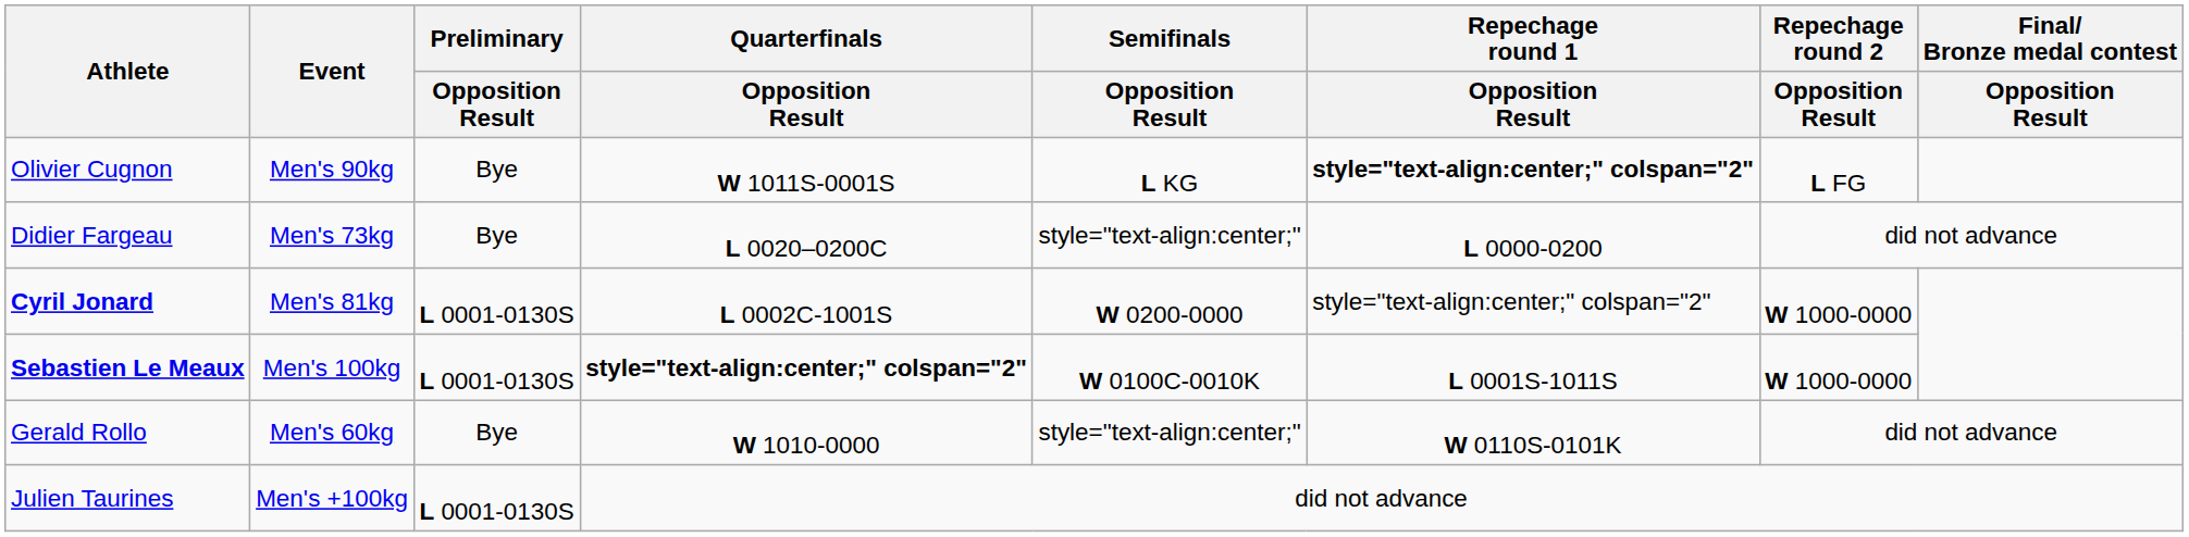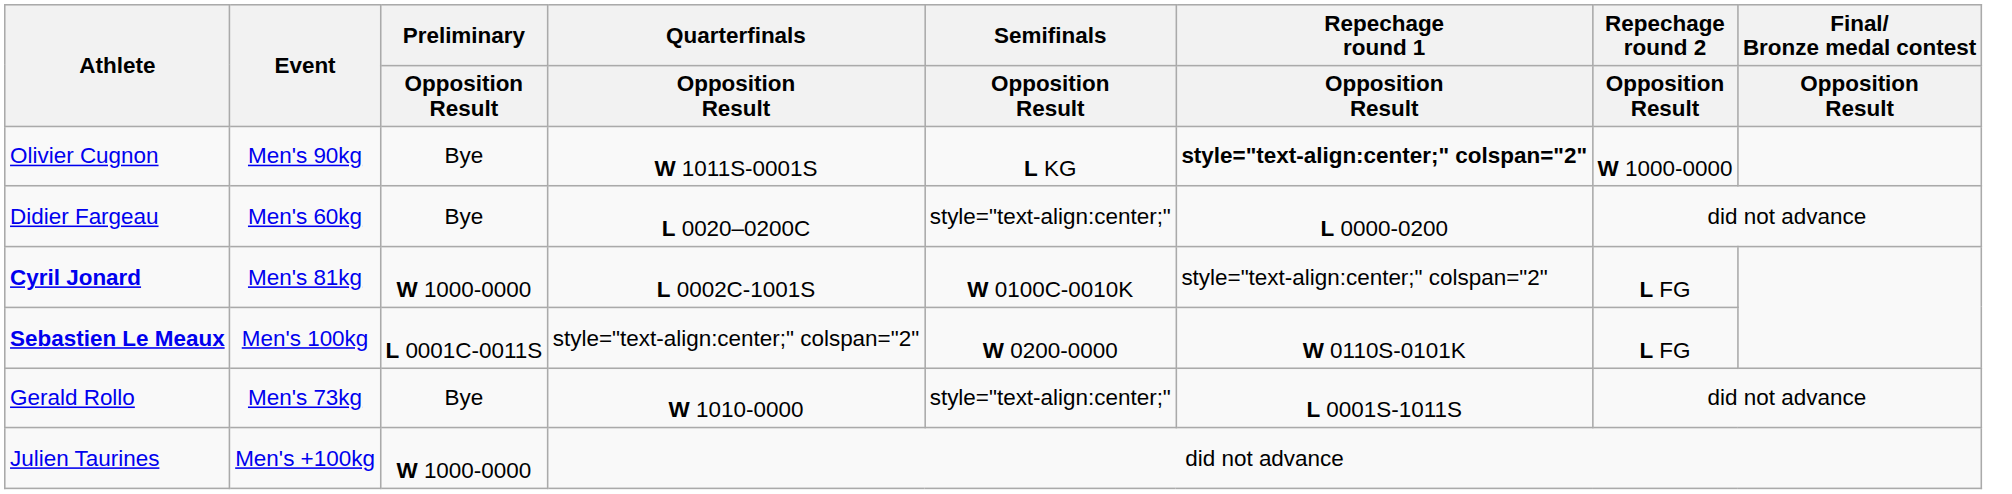 <table class=wikitable style="font-size:90%">
 <tr>
 <th rowspan="2">Athlete</th>
 <th rowspan="2">Event</th>
 <th>Preliminary</th>
 <th>Quarterfinals</th>
 <th>Semifinals</th>
 <th>Repechage <br>round 1</th>
 <th>Repechage <br>round 2</th>
 <th>Final/<br>Bronze medal contest</th>
 </tr>
 <tr>
 <th>Opposition<br>Result</th>
 <th>Opposition<br>Result</th>
 <th>Opposition<br>Result</th>
 <th>Opposition<br>Result</th>
 <th>Opposition<br>Result</th>
 <th>Opposition<br>Result</th>
 </tr>
 <tr>
 <td><a href='#'>Olivier Cugnon</a></td>
 <td style="text-align:center;"><a href='#'>Men's 90kg</a></td>
 <td style="text-align:center;">Bye</td>
 <td style="text-align:center;"><br> <strong>W</strong> 1011S-0001S</td>
 <td style="text-align:center;"><br> <strong>L</strong> KG</td>
 <td><strong>style="text-align:center;" colspan="2" </strong></td>
-<td style="text-align:center;"><br> <strong>L</strong> FG</td>
+<td style="text-align:center;"><br> <strong>W</strong> 1000-0000 </td>
 </tr>
 <tr>
 <td><a href='#'>Didier Fargeau</a></td>
-<td style="text-align:center;"><a href='#'>Men's 73kg</a></td>
+<td style="text-align:center;"><a href='#'>Men's 60kg</a></td>
 <td style="text-align:center;">Bye</td>
 <td style="text-align:center;"><br> <strong>L</strong> 0020–0200C</td>
 <td>style="text-align:center;" </td>
 <td style="text-align:center;"><br> <strong>L</strong> 0000-0200</td>
 <td style="text-align:center;" colspan="2">did not advance</td>
 </tr>
 <tr>
 <td><strong><a href='#'>Cyril Jonard</a></strong></td>
 <td style="text-align:center;"><a href='#'>Men's 81kg</a></td>
-<td style="text-align:center;"><br> <strong>L</strong> 0001-0130S</td>
+<td style="text-align:center;"><br> <strong>W</strong> 1000-0000</td>
 <td style="text-align:center;"><br> <strong>L</strong> 0002C-1001S</td>
-<td style="text-align:center;"><br> <strong>W</strong> 0200-0000</td>
+<td style="text-align:center;"><br> <strong>W</strong> 0100C-0010K</td>
 <td>style="text-align:center;" colspan="2" </td>
-<td style="text-align:center;"><br> <strong>W</strong> 1000-0000 </td>
+<td style="text-align:center;"><br> <strong>L</strong> FG</td>
 </tr>
 <tr>
 <td><strong><a href='#'>Sebastien Le Meaux</a></strong></td>
 <td style="text-align:center;"><a href='#'>Men's 100kg</a></td>
-<td style="text-align:center;"><br> <strong>L</strong> 0001-0130S</td>
-<td><strong>style="text-align:center;" colspan="2" </strong></td>
-<td style="text-align:center;"><br> <strong>W</strong> 0100C-0010K</td>
-<td style="text-align:center;"><br> <strong>L</strong> 0001S-1011S</td>
-<td style="text-align:center;"><br> <strong>W</strong> 1000-0000 </td>
+<td style="text-align:center;"><br> <strong>L</strong> 0001C-0011S</td>
+<td>style="text-align:center;" colspan="2" </td>
+<td style="text-align:center;"><br> <strong>W</strong> 0200-0000</td>
+<td style="text-align:center;"><br> <strong>W</strong> 0110S-0101K</td>
+<td style="text-align:center;"><br> <strong>L</strong> FG</td>
 </tr>
 <tr>
 <td><a href='#'>Gerald Rollo</a></td>
-<td style="text-align:center;"><a href='#'>Men's 60kg</a></td>
+<td style="text-align:center;"><a href='#'>Men's 73kg</a></td>
 <td style="text-align:center;">Bye</td>
 <td style="text-align:center;"><br> <strong>W</strong> 1010-0000</td>
 <td>style="text-align:center;" </td>
-<td style="text-align:center;"><br> <strong>W</strong> 0110S-0101K</td>
+<td style="text-align:center;"><br> <strong>L</strong> 0001S-1011S</td>
 <td style="text-align:center;" colspan="2">did not advance</td>
 </tr>
 <tr>
 <td><a href='#'>Julien Taurines</a></td>
 <td style="text-align:center;"><a href='#'>Men's +100kg</a></td>
-<td style="text-align:center;"><br> <strong>L</strong> 0001-0130S</td>
+<td style="text-align:center;"><br> <strong>W</strong> 1000-0000</td>
 <td style="text-align:center;" colspan="5">did not advance</td>
 </tr>
 </table>
